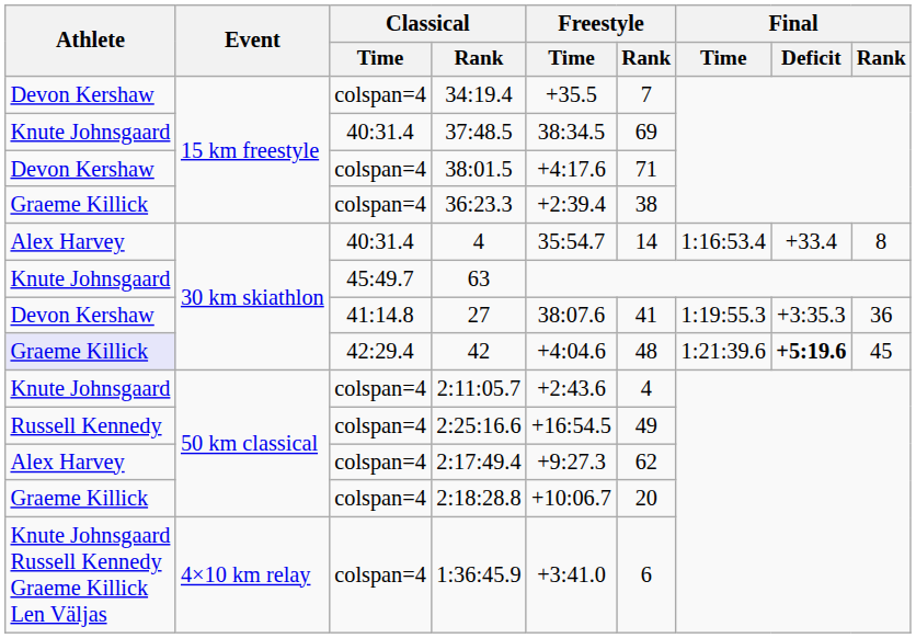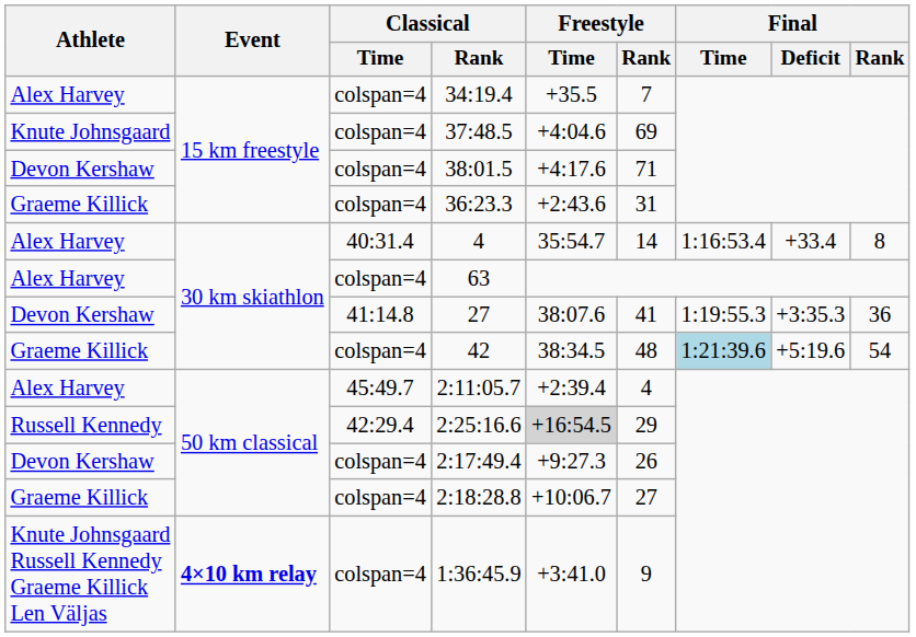 <table class="wikitable" style="font-size:90%">
 <tr>
 <th rowspan=2>Athlete</th>
 <th rowspan=2>Event</th>
 <th colspan=2>Classical</th>
 <th colspan=2>Freestyle</th>
 <th colspan=3>Final</th>
 </tr>
 <tr style="font-size: 95%">
 <th>Time</th>
 <th>Rank</th>
 <th>Time</th>
 <th>Rank</th>
 <th>Time</th>
 <th>Deficit</th>
 <th>Rank</th>
 </tr>
 <tr align=center>
-<td align=left><a href='#'>Devon Kershaw</a></td>
+<td align=left><a href='#'>Alex Harvey</a></td>
 <td align=left rowspan=4><a href='#'>15 km freestyle</a></td>
 <td>colspan=4 </td>
 <td>34:19.4</td>
 <td>+35.5</td>
 <td>7</td>
 </tr>
 <tr align=center>
 <td align=left><a href='#'>Knute Johnsgaard</a></td>
-<td>40:31.4</td>
+<td>colspan=4 </td>
 <td>37:48.5</td>
-<td>38:34.5</td>
+<td>+4:04.6</td>
 <td>69</td>
 </tr>
 <tr align=center>
 <td align=left><a href='#'>Devon Kershaw</a></td>
 <td>colspan=4 </td>
 <td>38:01.5</td>
 <td>+4:17.6</td>
 <td>71</td>
 </tr>
 <tr align=center>
 <td align=left><a href='#'>Graeme Killick</a></td>
 <td>colspan=4 </td>
 <td>36:23.3</td>
-<td>+2:39.4</td>
-<td>38</td>
+<td>+2:43.6</td>
+<td>31</td>
 </tr>
 <tr align=center>
 <td align=left><a href='#'>Alex Harvey</a></td>
 <td align=left rowspan=4><a href='#'>30 km skiathlon</a></td>
 <td>40:31.4</td>
 <td>4</td>
 <td>35:54.7</td>
 <td>14</td>
 <td>1:16:53.4</td>
 <td>+33.4</td>
 <td>8</td>
 </tr>
 <tr align=center>
-<td align=left><a href='#'>Knute Johnsgaard</a></td>
-<td>45:49.7</td>
+<td align=left><a href='#'>Alex Harvey</a></td>
+<td>colspan=4 </td>
 <td>63</td>
 <td colspan=5></td>
 </tr>
 <tr align=center>
 <td align=left><a href='#'>Devon Kershaw</a></td>
 <td>41:14.8</td>
 <td>27</td>
 <td>38:07.6</td>
 <td>41</td>
 <td>1:19:55.3</td>
 <td>+3:35.3</td>
 <td>36</td>
 </tr>
 <tr align=center>
-<td align=left style="background: lavender;"><a href='#'>Graeme Killick</a></td>
-<td>42:29.4</td>
+<td align=left><a href='#'>Graeme Killick</a></td>
+<td>colspan=4 </td>
 <td>42</td>
-<td>+4:04.6</td>
+<td>38:34.5</td>
 <td>48</td>
-<td>1:21:39.6</td>
-<td><strong>+5:19.6</strong></td>
-<td>45</td>
+<td style="background: lightblue;">1:21:39.6</td>
+<td>+5:19.6</td>
+<td>54</td>
 </tr>
 <tr align=center>
-<td align=left><a href='#'>Knute Johnsgaard</a></td>
+<td align=left><a href='#'>Alex Harvey</a></td>
 <td align=left rowspan=4><a href='#'>50 km classical</a></td>
-<td>colspan=4 </td>
+<td>45:49.7</td>
 <td>2:11:05.7</td>
-<td>+2:43.6</td>
+<td>+2:39.4</td>
 <td>4</td>
 </tr>
 <tr align=center>
 <td align=left><a href='#'>Russell Kennedy</a></td>
-<td>colspan=4 </td>
+<td>42:29.4</td>
 <td>2:25:16.6</td>
-<td>+16:54.5</td>
-<td>49</td>
+<td style="background: lightgrey;">+16:54.5</td>
+<td>29</td>
 </tr>
 <tr align=center>
-<td align=left><a href='#'>Alex Harvey</a></td>
+<td align=left><a href='#'>Devon Kershaw</a></td>
 <td>colspan=4 </td>
 <td>2:17:49.4</td>
 <td>+9:27.3</td>
-<td>62</td>
+<td>26</td>
 </tr>
 <tr align=center>
 <td align=left><a href='#'>Graeme Killick</a></td>
 <td>colspan=4 </td>
 <td>2:18:28.8</td>
 <td>+10:06.7</td>
-<td>20</td>
+<td>27</td>
 </tr>
 <tr align=center>
 <td align=left><a href='#'>Knute Johnsgaard</a><br><a href='#'>Russell Kennedy</a><br><a href='#'>Graeme Killick</a><br><a href='#'>Len Väljas</a></td>
-<td align=left><a href='#'>4×10 km relay</a></td>
+<td align=left><strong><a href='#'>4×10 km relay</a></strong></td>
 <td>colspan=4 </td>
 <td>1:36:45.9</td>
 <td>+3:41.0</td>
-<td>6</td>
+<td>9</td>
 </tr>
 </table>
